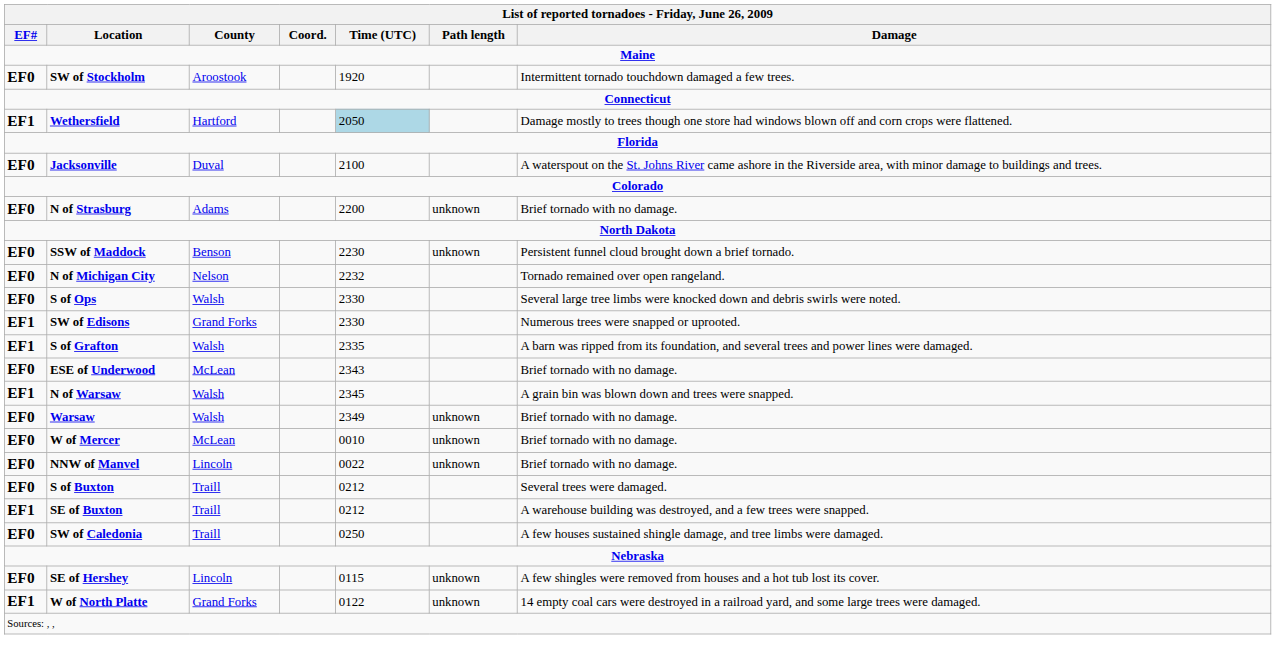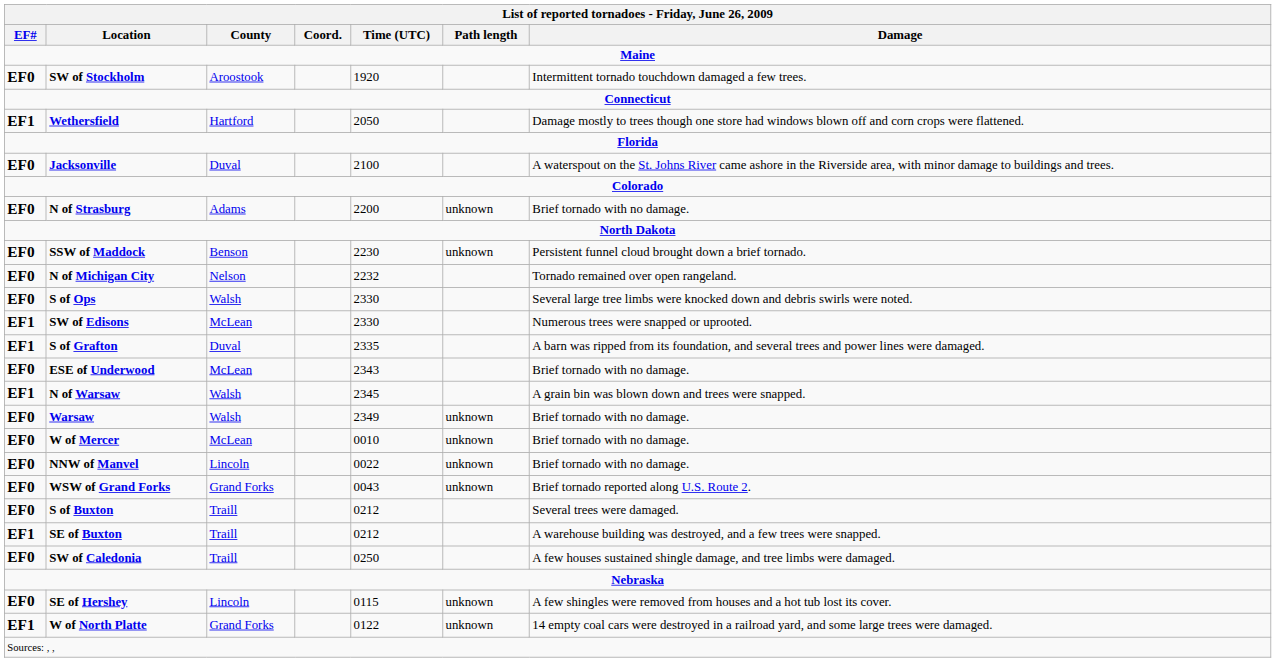 <table class="wikitable collapsible" width="100%">
 <tr>
 <th colspan="7">List of reported tornadoes - Friday, June 26, 2009</th>
 </tr>
 <tr>
 <th><a href='#'>EF#</a></th>
 <th>Location</th>
 <th>County</th>
 <th>Coord.</th>
 <th>Time (UTC)</th>
 <th>Path length</th>
 <th>Damage</th>
 </tr>
 <tr>
 <td colspan="7" align=center><strong><a href='#'>Maine</a></strong></td>
 </tr>
 <tr>
 <td><big><strong>EF0</strong></big></td>
 <td><strong>SW of <a href='#'>Stockholm</a></strong></td>
 <td><a href='#'>Aroostook</a></td>
 <td></td>
 <td>1920</td>
 <td></td>
 <td>Intermittent tornado touchdown damaged a few trees.</td>
 </tr>
 <tr>
 <td colspan="7" align=center><strong><a href='#'>Connecticut</a></strong></td>
 </tr>
 <tr>
 <td><big><strong>EF1</strong></big></td>
 <td><strong><a href='#'>Wethersfield</a></strong></td>
 <td><a href='#'>Hartford</a></td>
 <td></td>
-<td style="background: lightblue;">2050</td>
+<td>2050</td>
 <td></td>
 <td>Damage mostly to trees though one store had windows blown off and corn crops were flattened.</td>
 </tr>
 <tr>
 <td colspan="7" align=center><strong><a href='#'>Florida</a></strong></td>
 </tr>
 <tr>
 <td><big><strong>EF0</strong></big></td>
 <td><strong><a href='#'>Jacksonville</a></strong></td>
 <td><a href='#'>Duval</a></td>
 <td></td>
 <td>2100</td>
 <td></td>
 <td>A waterspout on the <a href='#'>St. Johns River</a> came ashore in the Riverside area, with minor damage to buildings and trees.</td>
 </tr>
 <tr>
 <td colspan="7" align=center><strong><a href='#'>Colorado</a></strong></td>
 </tr>
 <tr>
 <td><big><strong>EF0</strong></big></td>
 <td><strong>N of <a href='#'>Strasburg</a></strong></td>
 <td><a href='#'>Adams</a></td>
 <td></td>
 <td>2200</td>
 <td>unknown</td>
 <td>Brief tornado with no damage.</td>
 </tr>
 <tr>
 <td colspan="7" align=center><strong><a href='#'>North Dakota</a></strong></td>
 </tr>
 <tr>
 <td><big><strong>EF0</strong></big></td>
 <td><strong>SSW of <a href='#'>Maddock</a></strong></td>
 <td><a href='#'>Benson</a></td>
 <td></td>
 <td>2230</td>
 <td>unknown</td>
 <td>Persistent funnel cloud brought down a brief tornado.</td>
 </tr>
 <tr>
 <td><big><strong>EF0</strong></big></td>
 <td><strong>N of <a href='#'>Michigan City</a></strong></td>
 <td><a href='#'>Nelson</a></td>
 <td></td>
 <td>2232</td>
 <td></td>
 <td>Tornado remained over open rangeland.</td>
 </tr>
 <tr>
 <td><big><strong>EF0</strong></big></td>
 <td><strong>S of <a href='#'>Ops</a></strong></td>
 <td><a href='#'>Walsh</a></td>
 <td></td>
 <td>2330</td>
 <td></td>
 <td>Several large tree limbs were knocked down and debris swirls were noted.</td>
 </tr>
 <tr>
 <td><big><strong>EF1</strong></big></td>
 <td><strong>SW of <a href='#'>Edisons</a></strong></td>
-<td><a href='#'>Grand Forks</a></td>
+<td><a href='#'>McLean</a></td>
 <td></td>
 <td>2330</td>
 <td></td>
 <td>Numerous trees were snapped or uprooted.</td>
 </tr>
 <tr>
 <td><big><strong>EF1</strong></big></td>
 <td><strong>S of <a href='#'>Grafton</a></strong></td>
-<td><a href='#'>Walsh</a></td>
+<td><a href='#'>Duval</a></td>
 <td></td>
 <td>2335</td>
 <td></td>
 <td>A barn was ripped from its foundation, and several trees and power lines were damaged.</td>
 </tr>
 <tr>
 <td><big><strong>EF0</strong></big></td>
 <td><strong>ESE of <a href='#'>Underwood</a></strong></td>
 <td><a href='#'>McLean</a></td>
 <td></td>
 <td>2343</td>
 <td></td>
 <td>Brief tornado with no damage.</td>
 </tr>
 <tr>
 <td><big><strong>EF1</strong></big></td>
 <td><strong>N of <a href='#'>Warsaw</a></strong></td>
 <td><a href='#'>Walsh</a></td>
 <td></td>
 <td>2345</td>
 <td></td>
 <td>A grain bin was blown down and trees were snapped.</td>
 </tr>
 <tr>
 <td><big><strong>EF0</strong></big></td>
 <td><strong><a href='#'>Warsaw</a></strong></td>
 <td><a href='#'>Walsh</a></td>
 <td></td>
 <td>2349</td>
 <td>unknown</td>
 <td>Brief tornado with no damage.</td>
 </tr>
 <tr>
 <td><big><strong>EF0</strong></big></td>
 <td><strong>W of <a href='#'>Mercer</a></strong></td>
 <td><a href='#'>McLean</a></td>
 <td></td>
 <td>0010</td>
 <td>unknown</td>
 <td>Brief tornado with no damage.</td>
 </tr>
 <tr>
 <td><big><strong>EF0</strong></big></td>
 <td><strong>NNW of <a href='#'>Manvel</a></strong></td>
 <td><a href='#'>Lincoln</a></td>
 <td></td>
 <td>0022</td>
 <td>unknown</td>
 <td>Brief tornado with no damage.</td>
+</tr>
+<tr>
+<td><big><strong>EF0</strong></big></td>
+<td><strong>WSW of <a href='#'>Grand Forks</a></strong></td>
+<td><a href='#'>Grand Forks</a></td>
+<td></td>
+<td>0043</td>
+<td>unknown</td>
+<td>Brief tornado reported along <a href='#'>U.S. Route 2</a>.</td>
 </tr>
 <tr>
 <td><big><strong>EF0</strong></big></td>
 <td><strong>S of <a href='#'>Buxton</a></strong></td>
 <td><a href='#'>Traill</a></td>
 <td></td>
 <td>0212</td>
 <td></td>
 <td>Several trees were damaged.</td>
 </tr>
 <tr>
 <td><big><strong>EF1</strong></big></td>
 <td><strong>SE of <a href='#'>Buxton</a></strong></td>
 <td><a href='#'>Traill</a></td>
 <td></td>
 <td>0212</td>
 <td></td>
 <td>A warehouse building was destroyed, and a few trees were snapped.</td>
 </tr>
 <tr>
 <td><big><strong>EF0</strong></big></td>
 <td><strong>SW of <a href='#'>Caledonia</a></strong></td>
 <td><a href='#'>Traill</a></td>
 <td></td>
 <td>0250</td>
 <td></td>
 <td>A few houses sustained shingle damage, and tree limbs were damaged.</td>
 </tr>
 <tr>
 <td colspan="7" align=center><strong><a href='#'>Nebraska</a></strong></td>
 </tr>
 <tr>
 <td><big><strong>EF0</strong></big></td>
 <td><strong>SE of <a href='#'>Hershey</a></strong></td>
 <td><a href='#'>Lincoln</a></td>
 <td></td>
 <td>0115</td>
 <td>unknown</td>
 <td>A few shingles were removed from houses and a hot tub lost its cover.</td>
 </tr>
 <tr>
 <td><big><strong>EF1</strong></big></td>
 <td><strong>W of <a href='#'>North Platte</a></strong></td>
 <td><a href='#'>Grand Forks</a></td>
 <td></td>
 <td>0122</td>
 <td>unknown</td>
 <td>14 empty coal cars were destroyed in a railroad yard, and some large trees were damaged.</td>
 </tr>
 <tr>
 <td colspan="7"><small>Sources: , , </small></td>
 </tr>
 </table>
